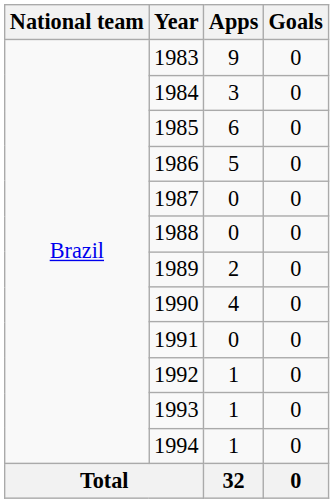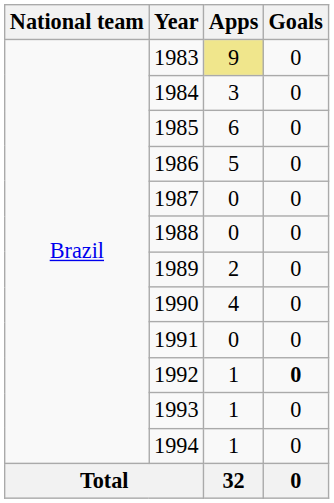 <table class="wikitable" style="text-align:center">
 <tr>
 <th>National team</th>
 <th>Year</th>
 <th>Apps</th>
 <th>Goals</th>
 </tr>
 <tr>
 <td rowspan="12"><a href='#'>Brazil</a></td>
 <td>1983</td>
-<td>9</td>
+<td style="background: khaki;">9</td>
 <td>0</td>
 </tr>
 <tr>
 <td>1984</td>
 <td>3</td>
 <td>0</td>
 </tr>
 <tr>
 <td>1985</td>
 <td>6</td>
 <td>0</td>
 </tr>
 <tr>
 <td>1986</td>
 <td>5</td>
 <td>0</td>
 </tr>
 <tr>
 <td>1987</td>
 <td>0</td>
 <td>0</td>
 </tr>
 <tr>
 <td>1988</td>
 <td>0</td>
 <td>0</td>
 </tr>
 <tr>
 <td>1989</td>
 <td>2</td>
 <td>0</td>
 </tr>
 <tr>
 <td>1990</td>
 <td>4</td>
 <td>0</td>
 </tr>
 <tr>
 <td>1991</td>
 <td>0</td>
 <td>0</td>
 </tr>
 <tr>
 <td>1992</td>
 <td>1</td>
-<td>0</td>
+<td><strong>0</strong></td>
 </tr>
 <tr>
 <td>1993</td>
 <td>1</td>
 <td>0</td>
 </tr>
 <tr>
 <td>1994</td>
 <td>1</td>
 <td>0</td>
 </tr>
 <tr>
 <th colspan="2">Total</th>
 <th>32</th>
 <th>0</th>
 </tr>
 </table>
